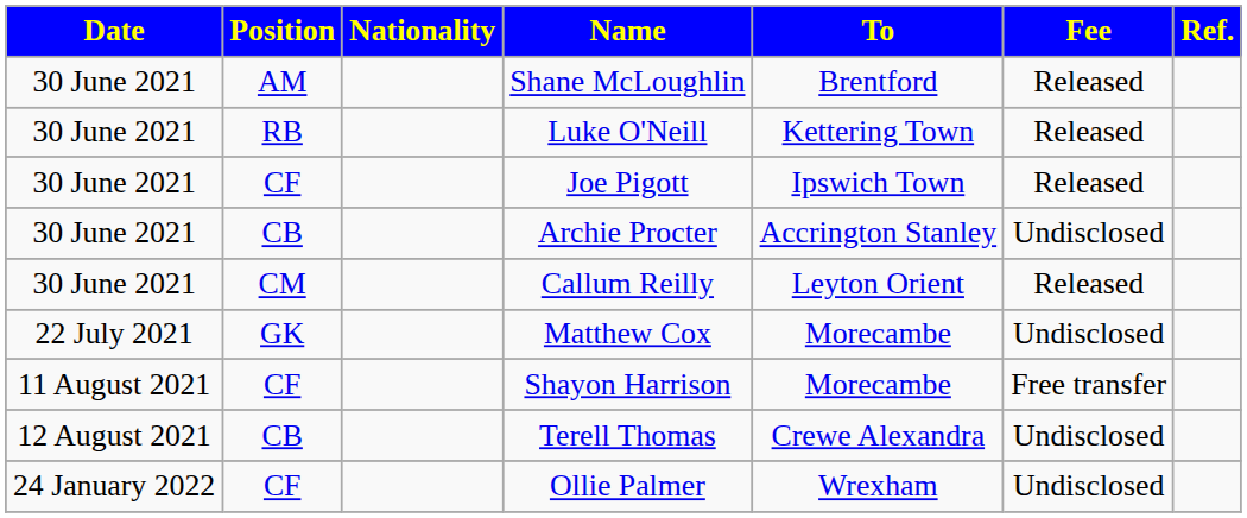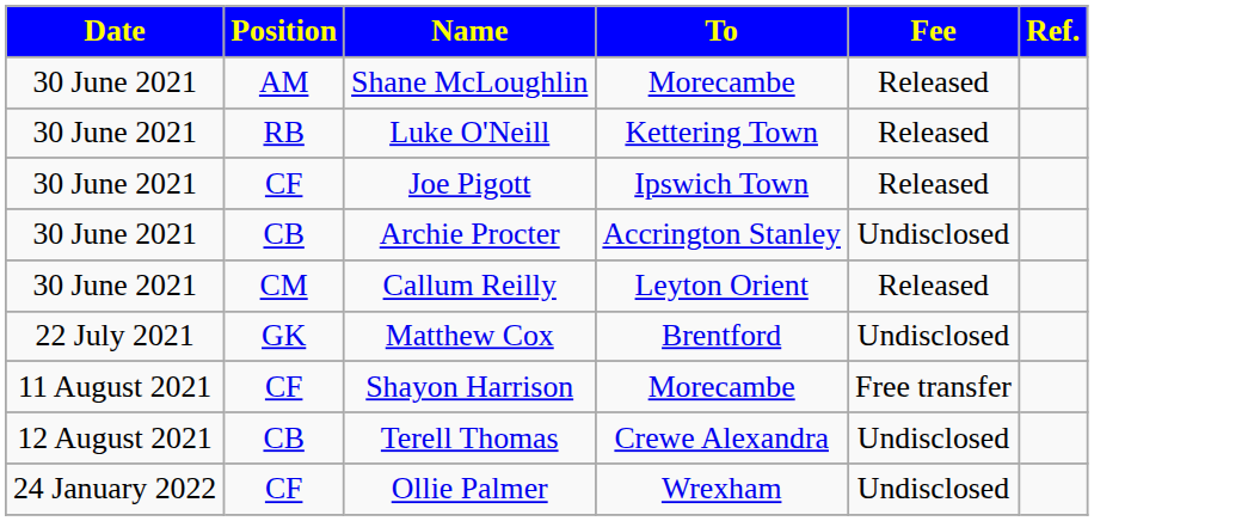 <table class="wikitable"  style="text-align:center; font-size:90%; ">
 <tr>
 <th style="background:#0000ff; color:#FFFF00; ">Date</th>
 <th style="background:#0000ff; color:#FFFF00; ">Position</th>
-<th style="background:#0000ff; color:#FFFF00; ">Nationality</th>
 <th style="background:#0000ff; color:#FFFF00; ">Name</th>
 <th style="background:#0000ff; color:#FFFF00; ">To</th>
 <th style="background:#0000ff; color:#FFFF00; ">Fee</th>
 <th style="background:#0000ff; color:#FFFF00; ">Ref.</th>
 </tr>
 <tr>
 <td>30 June 2021</td>
 <td><a href='#'>AM</a></td>
-<td></td>
 <td><a href='#'>Shane McLoughlin</a></td>
-<td> <a href='#'>Brentford</a></td>
+<td> <a href='#'>Morecambe</a></td>
 <td>Released</td>
 <td></td>
 </tr>
 <tr>
 <td>30 June 2021</td>
 <td><a href='#'>RB</a></td>
-<td></td>
 <td><a href='#'>Luke O'Neill</a></td>
 <td> <a href='#'>Kettering Town</a></td>
 <td>Released</td>
 <td></td>
 </tr>
 <tr>
 <td>30 June 2021</td>
 <td><a href='#'>CF</a></td>
-<td></td>
 <td><a href='#'>Joe Pigott</a></td>
 <td> <a href='#'>Ipswich Town</a></td>
 <td>Released</td>
 <td></td>
 </tr>
 <tr>
 <td>30 June 2021</td>
 <td><a href='#'>CB</a></td>
-<td></td>
 <td><a href='#'>Archie Procter</a></td>
 <td> <a href='#'>Accrington Stanley</a></td>
 <td>Undisclosed</td>
 <td></td>
 </tr>
 <tr>
 <td>30 June 2021</td>
 <td><a href='#'>CM</a></td>
-<td></td>
 <td><a href='#'>Callum Reilly</a></td>
 <td> <a href='#'>Leyton Orient</a></td>
 <td>Released</td>
 <td></td>
 </tr>
 <tr>
 <td>22 July 2021</td>
 <td><a href='#'>GK</a></td>
-<td></td>
 <td><a href='#'>Matthew Cox</a></td>
-<td> <a href='#'>Morecambe</a></td>
+<td> <a href='#'>Brentford</a></td>
 <td>Undisclosed</td>
 <td></td>
 </tr>
 <tr>
 <td>11 August 2021</td>
 <td><a href='#'>CF</a></td>
-<td></td>
 <td><a href='#'>Shayon Harrison</a></td>
 <td> <a href='#'>Morecambe</a></td>
 <td>Free transfer</td>
 <td></td>
 </tr>
 <tr>
 <td>12 August 2021</td>
 <td><a href='#'>CB</a></td>
-<td></td>
 <td><a href='#'>Terell Thomas</a></td>
 <td> <a href='#'>Crewe Alexandra</a></td>
 <td>Undisclosed</td>
 <td></td>
 </tr>
 <tr>
 <td>24 January 2022</td>
 <td><a href='#'>CF</a></td>
-<td></td>
 <td><a href='#'>Ollie Palmer</a></td>
 <td> <a href='#'>Wrexham</a></td>
 <td>Undisclosed</td>
 <td></td>
 </tr>
 </table>
